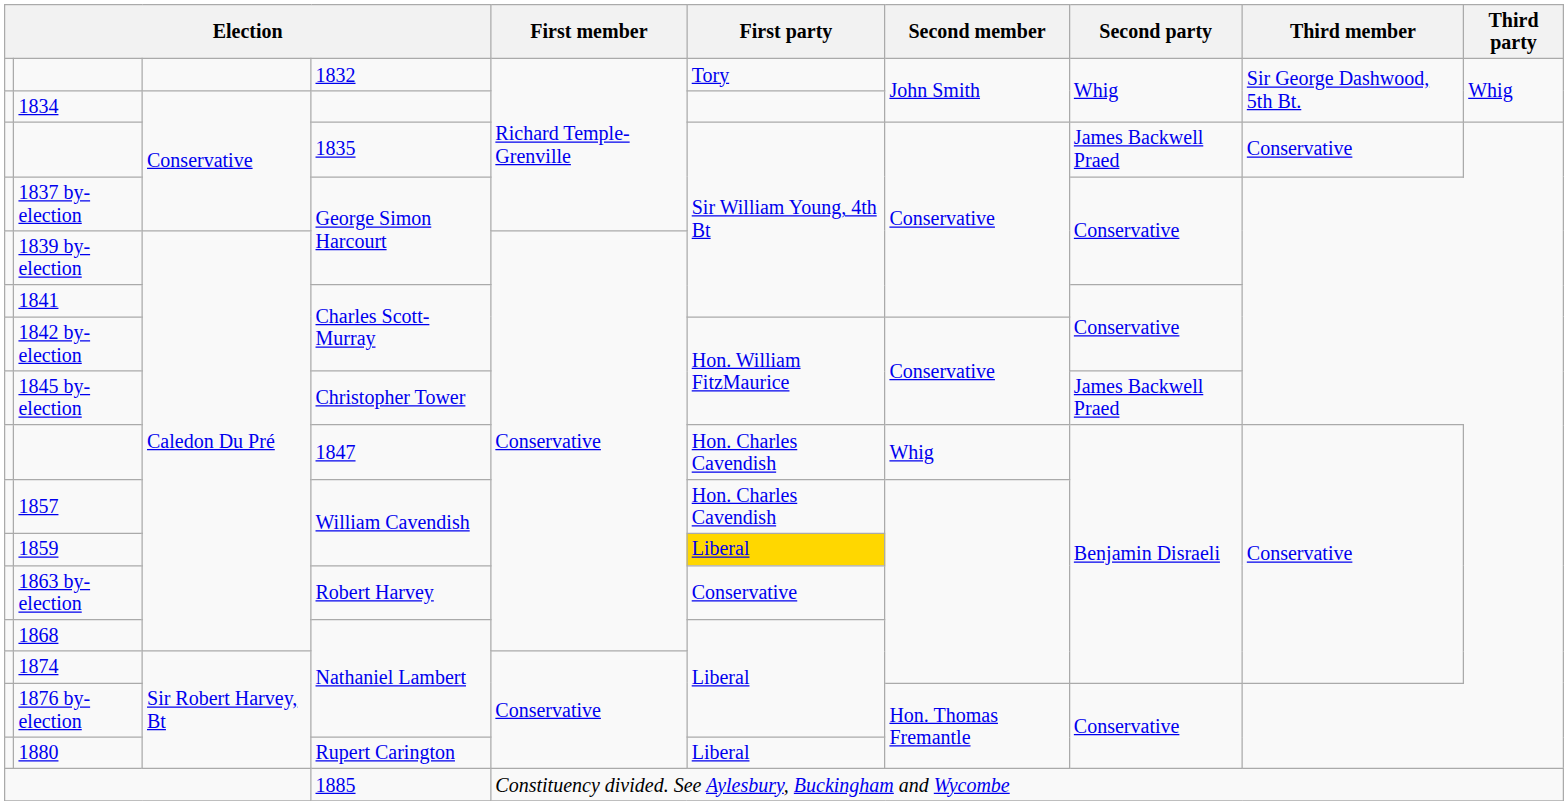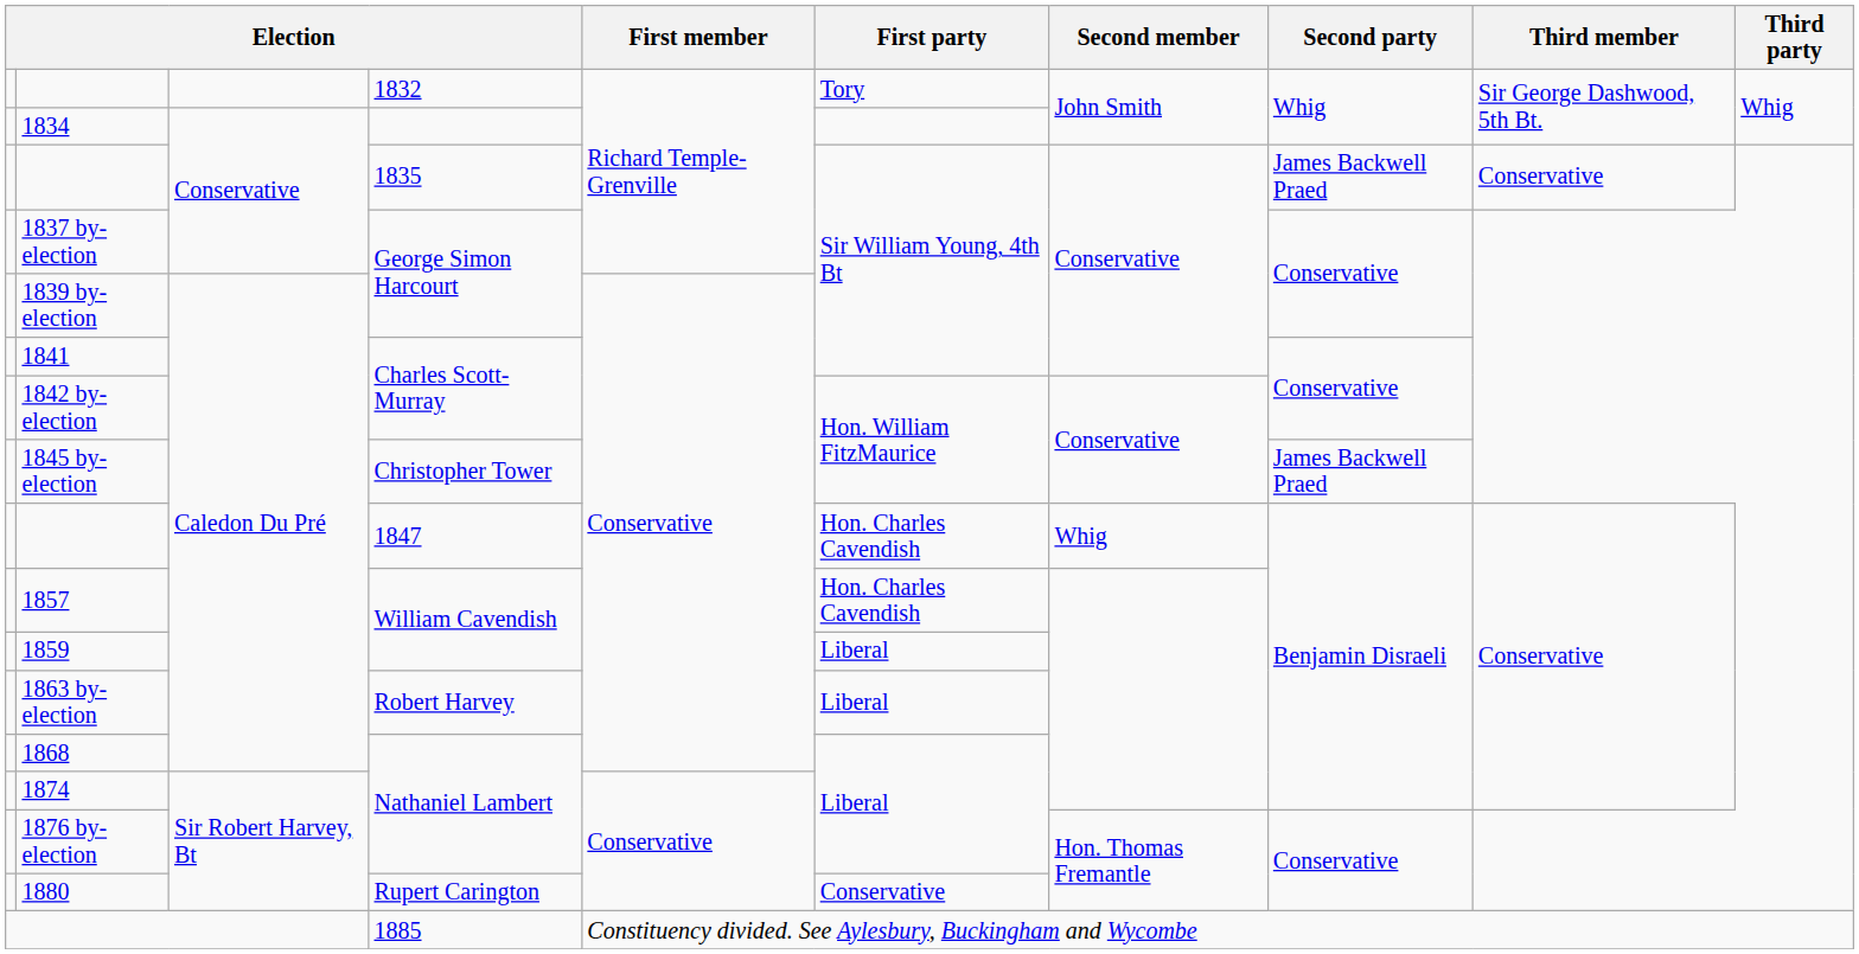 <table class="wikitable">
 <tr>
 <th colspan="4">Election</th>
 <th>First member</th>
 <th>First party</th>
 <th>Second member</th>
 <th>Second party</th>
 <th>Third member</th>
 <th>Third party</th>
 </tr>
 <tr>
 <td style="color:inherit;background-color: "></td>
 <td style="color:inherit;background-color: "></td>
 <td style="color:inherit;background-color: "></td>
 <td><a href='#'>1832</a></td>
 <td rowspan="4"><a href='#'>Richard Temple-Grenville</a></td>
 <td><a href='#'>Tory</a></td>
 <td rowspan="2"><a href='#'>John Smith</a></td>
 <td rowspan="2"><a href='#'>Whig</a></td>
 <td rowspan="2"><a href='#'>Sir George Dashwood, 5th Bt.</a></td>
 <td rowspan="2"><a href='#'>Whig</a></td>
 </tr>
 <tr>
 <td style="color:inherit;background-color: "></td>
 <td><a href='#'>1834</a></td>
 <td rowspan="3"><a href='#'>Conservative</a></td>
 </tr>
 <tr>
 <td style="color:inherit;background-color: "></td>
 <td style="color:inherit;background-color: "></td>
 <td><a href='#'>1835</a></td>
 <td rowspan="4"><a href='#'>Sir William Young, 4th Bt</a></td>
 <td rowspan="4"><a href='#'>Conservative</a></td>
 <td><a href='#'>James Backwell Praed</a></td>
 <td><a href='#'>Conservative</a></td>
 </tr>
 <tr>
 <td style="color:inherit;background-color: "></td>
 <td><a href='#'>1837 by-election</a></td>
 <td rowspan="2"><a href='#'>George Simon Harcourt</a></td>
 <td rowspan="2"><a href='#'>Conservative</a></td>
 </tr>
 <tr>
 <td style="color:inherit;background-color: "></td>
 <td><a href='#'>1839 by-election</a></td>
 <td rowspan="9"><a href='#'>Caledon Du Pré</a></td>
 <td rowspan="9"><a href='#'>Conservative</a></td>
 </tr>
 <tr>
 <td style="color:inherit;background-color: "></td>
 <td><a href='#'>1841</a></td>
 <td rowspan="2"><a href='#'>Charles Scott-Murray</a></td>
 <td rowspan="2"><a href='#'>Conservative</a></td>
 </tr>
 <tr>
 <td style="color:inherit;background-color: "></td>
 <td><a href='#'>1842 by-election</a></td>
 <td rowspan="2"><a href='#'>Hon. William FitzMaurice</a></td>
 <td rowspan="2"><a href='#'>Conservative</a></td>
 </tr>
 <tr>
 <td style="color:inherit;background-color: "></td>
 <td><a href='#'>1845 by-election</a></td>
 <td><a href='#'>Christopher Tower</a></td>
 <td><a href='#'>James Backwell Praed</a></td>
 </tr>
 <tr>
 <td style="color:inherit;background-color: "></td>
 <td style="color:inherit;background-color: "></td>
 <td><a href='#'>1847</a></td>
 <td><a href='#'>Hon. Charles Cavendish</a></td>
 <td><a href='#'>Whig</a></td>
 <td rowspan="6"><a href='#'>Benjamin Disraeli</a></td>
 <td rowspan="6"><a href='#'>Conservative</a></td>
 </tr>
 <tr>
 <td style="color:inherit;background-color: "></td>
 <td><a href='#'>1857</a></td>
 <td rowspan="2"><a href='#'>William Cavendish</a></td>
 <td><a href='#'>Hon. Charles Cavendish</a></td>
 </tr>
 <tr>
 <td style="color:inherit;background-color: "></td>
 <td><a href='#'>1859</a></td>
-<td style="background: gold;"><a href='#'>Liberal</a></td>
+<td><a href='#'>Liberal</a></td>
 </tr>
 <tr>
 <td style="color:inherit;background-color: "></td>
 <td><a href='#'>1863 by-election</a></td>
 <td><a href='#'>Robert Harvey</a></td>
-<td><a href='#'>Conservative</a></td>
+<td><a href='#'>Liberal</a></td>
 </tr>
 <tr>
 <td style="color:inherit;background-color: "></td>
 <td><a href='#'>1868</a></td>
 <td rowspan="3"><a href='#'>Nathaniel Lambert</a></td>
 <td rowspan="3"><a href='#'>Liberal</a></td>
 </tr>
 <tr>
 <td style="color:inherit;background-color: "></td>
 <td><a href='#'>1874</a></td>
 <td rowspan="3"><a href='#'>Sir Robert Harvey, Bt</a></td>
 <td rowspan="3"><a href='#'>Conservative</a></td>
 </tr>
 <tr>
 <td style="color:inherit;background-color: "></td>
 <td><a href='#'>1876 by-election</a></td>
 <td rowspan="2"><a href='#'>Hon. Thomas Fremantle</a></td>
 <td rowspan="2"><a href='#'>Conservative</a></td>
 </tr>
 <tr>
 <td style="color:inherit;background-color: "></td>
 <td><a href='#'>1880</a></td>
 <td><a href='#'>Rupert Carington</a></td>
-<td><a href='#'>Liberal</a></td>
+<td><a href='#'>Conservative</a></td>
 </tr>
 <tr>
 <td colspan="3"></td>
 <td><a href='#'>1885</a></td>
 <td colspan="6"><em>Constituency divided. See <a href='#'>Aylesbury</a>, <a href='#'>Buckingham</a> and <a href='#'>Wycombe</a></em></td>
 </tr>
 </table>
